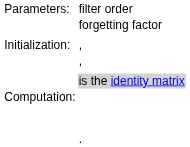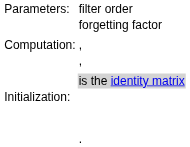 <table>
 <tr>
 <td>Parameters:</td>
 <td> filter order</td>
 </tr>
 <tr>
 <td></td>
 <td> forgetting factor</td>
 </tr>
 <tr>
 <td></td>
 <td></td>
 </tr>
 <tr>
-<td>Initialization:</td>
+<td>Computation:</td>
 <td>,</td>
 </tr>
 <tr>
 <td></td>
 <td>,</td>
 </tr>
 <tr>
 <td></td>
 <td></td>
 </tr>
 <tr>
 <td></td>
 <td style="background: lightgrey;"> is the <a href='#'>identity matrix</a></td>
 </tr>
 <tr>
-<td>Computation:</td>
+<td>Initialization:</td>
 <td></td>
 </tr>
 <tr>
 <td></td>
 <td><br></td>
 </tr>
 <tr>
 <td></td>
 <td></td>
 </tr>
 <tr>
 <td></td>
 <td></td>
 </tr>
 <tr>
 <td></td>
 <td></td>
 </tr>
 <tr>
 <td></td>
 <td>.</td>
 </tr>
 </table>
